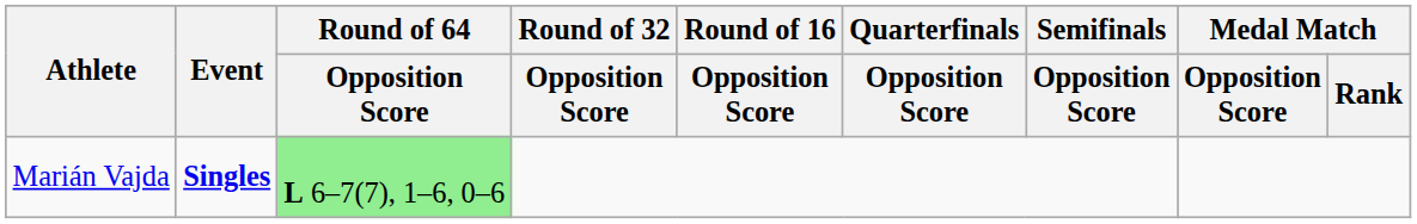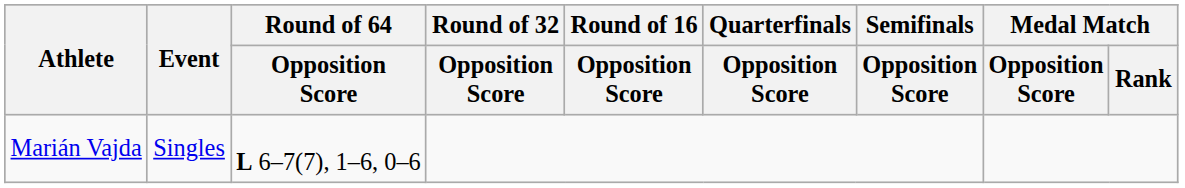 <table class=wikitable style="font-size:90%">
 <tr>
 <th rowspan="2">Athlete</th>
 <th rowspan="2">Event</th>
 <th>Round of 64</th>
 <th>Round of 32</th>
 <th>Round of 16</th>
 <th>Quarterfinals</th>
 <th>Semifinals</th>
 <th colspan="2">Medal Match</th>
 </tr>
 <tr>
 <th>Opposition<br>Score</th>
 <th>Opposition<br>Score</th>
 <th>Opposition<br>Score</th>
 <th>Opposition<br>Score</th>
 <th>Opposition<br>Score</th>
 <th>Opposition<br>Score</th>
 <th>Rank</th>
 </tr>
 <tr>
 <td><a href='#'>Marián Vajda</a></td>
-<td><strong><a href='#'>Singles</a></strong></td>
-<td style="background: lightgreen;"><br><strong>L</strong> 6–7(7), 1–6, 0–6</td>
+<td><a href='#'>Singles</a></td>
+<td><br><strong>L</strong> 6–7(7), 1–6, 0–6</td>
 <td colspan = "4"><em></em></td>
 </tr>
 </table>
